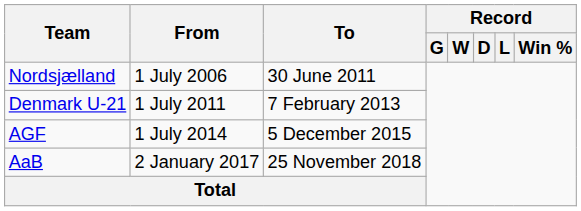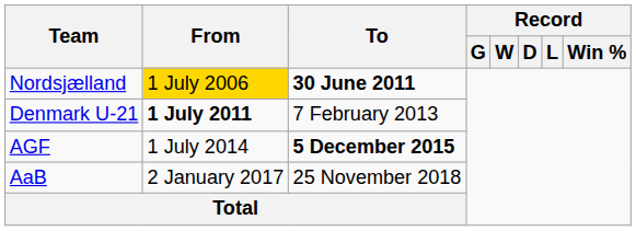 <table class="wikitable" style="text-align: center">
 <tr>
 <th rowspan="2">Team</th>
 <th rowspan="2">From</th>
 <th rowspan="2">To</th>
 <th colspan="6">Record</th>
 </tr>
 <tr>
 <th>G</th>
 <th>W</th>
 <th>D</th>
 <th>L</th>
 <th>Win %</th>
 </tr>
 <tr>
 <td align=left><a href='#'>Nordsjælland</a></td>
-<td align=left>1 July 2006</td>
-<td align=left>30 June 2011<br></td>
+<td align=left style="background: gold;">1 July 2006</td>
+<td align=left><strong>30 June 2011<br></strong></td>
 </tr>
 <tr>
 <td align=left><a href='#'>Denmark U-21</a></td>
-<td align=left>1 July 2011</td>
+<td align=left><strong>1 July 2011</strong></td>
 <td align=left>7 February 2013<br></td>
 </tr>
 <tr>
 <td align=left><a href='#'>AGF</a></td>
 <td align=left>1 July 2014</td>
-<td align=left>5 December 2015<br></td>
+<td align=left><strong>5 December 2015<br></strong></td>
 </tr>
 <tr>
 <td align=left><a href='#'>AaB</a></td>
 <td align=left>2 January 2017</td>
 <td align=left>25 November 2018<br></td>
 </tr>
 <tr>
 <th colspan="3">Total<br></th>
 </tr>
 </table>
